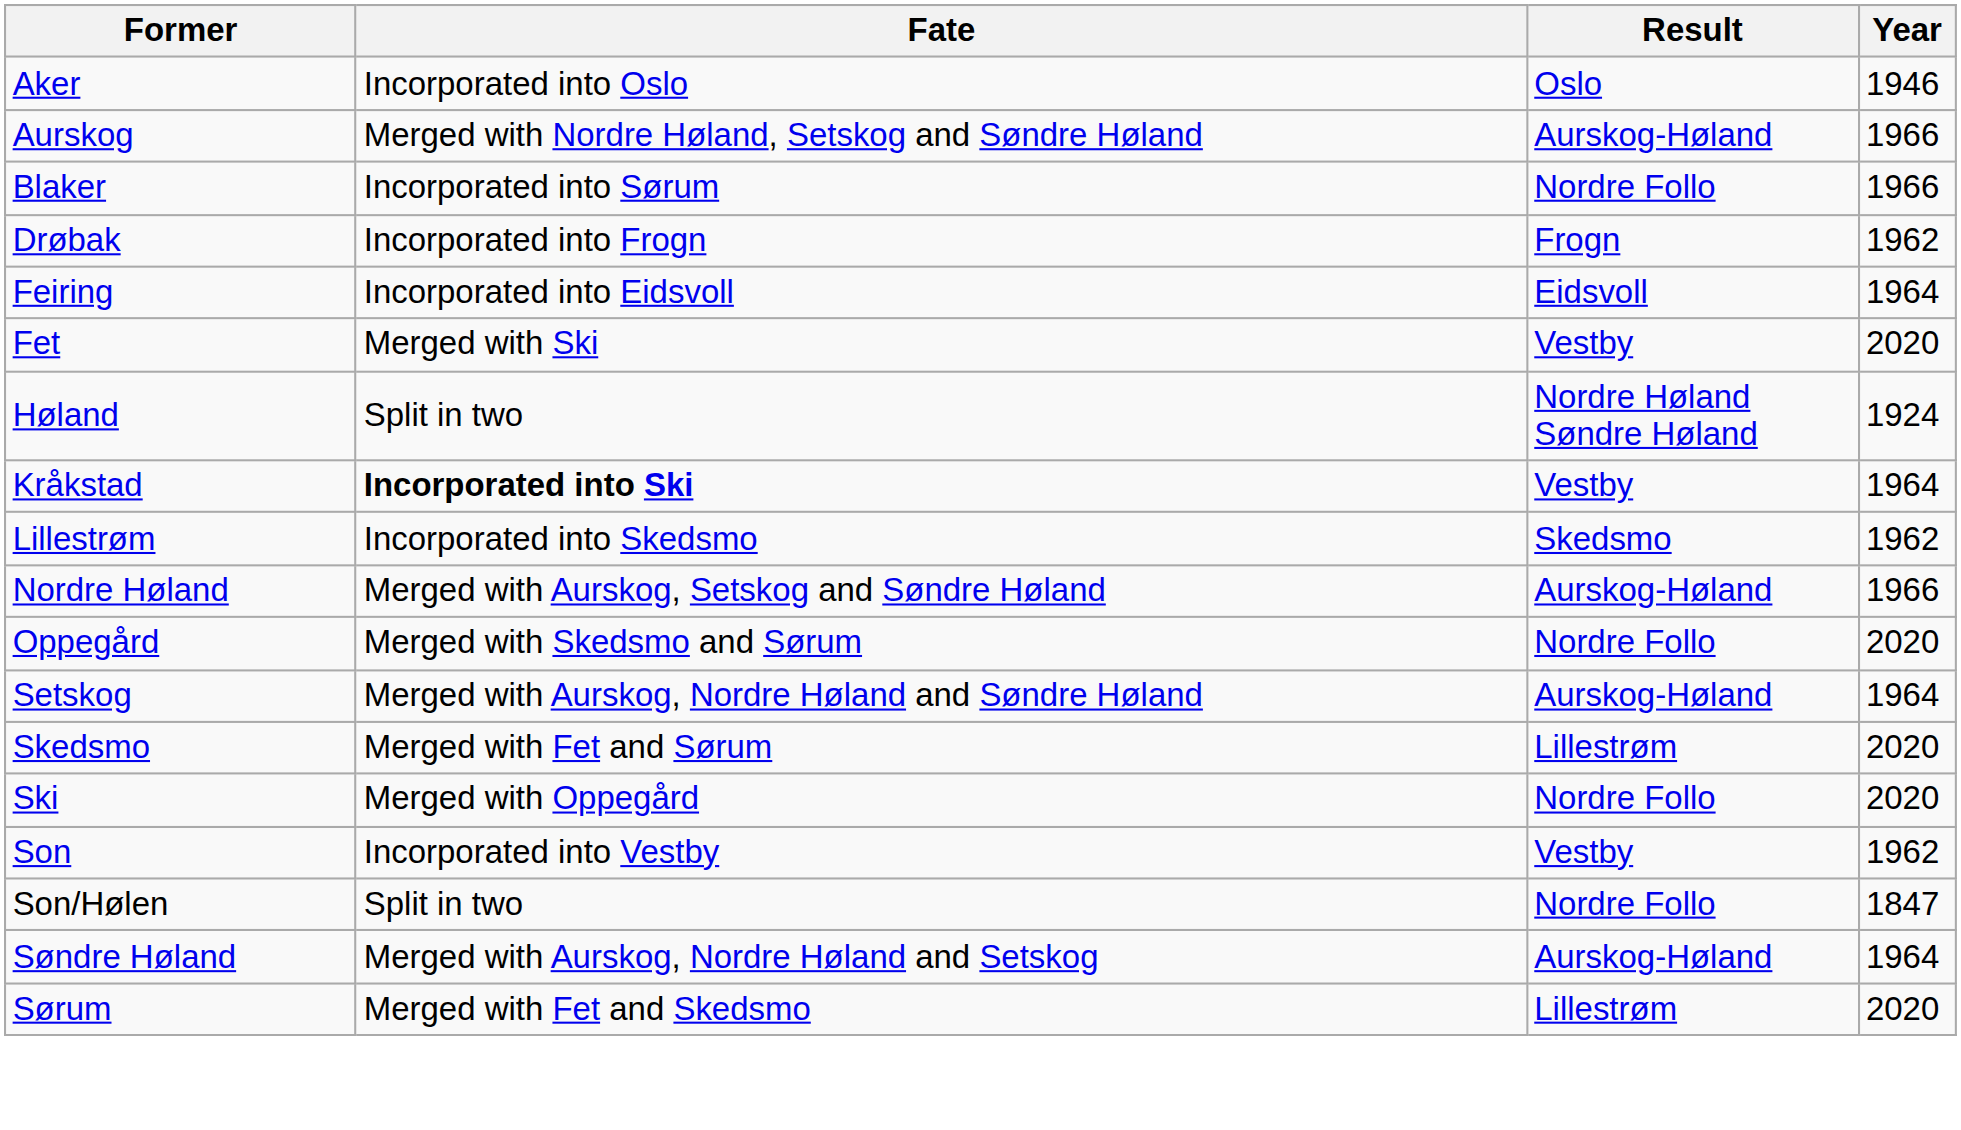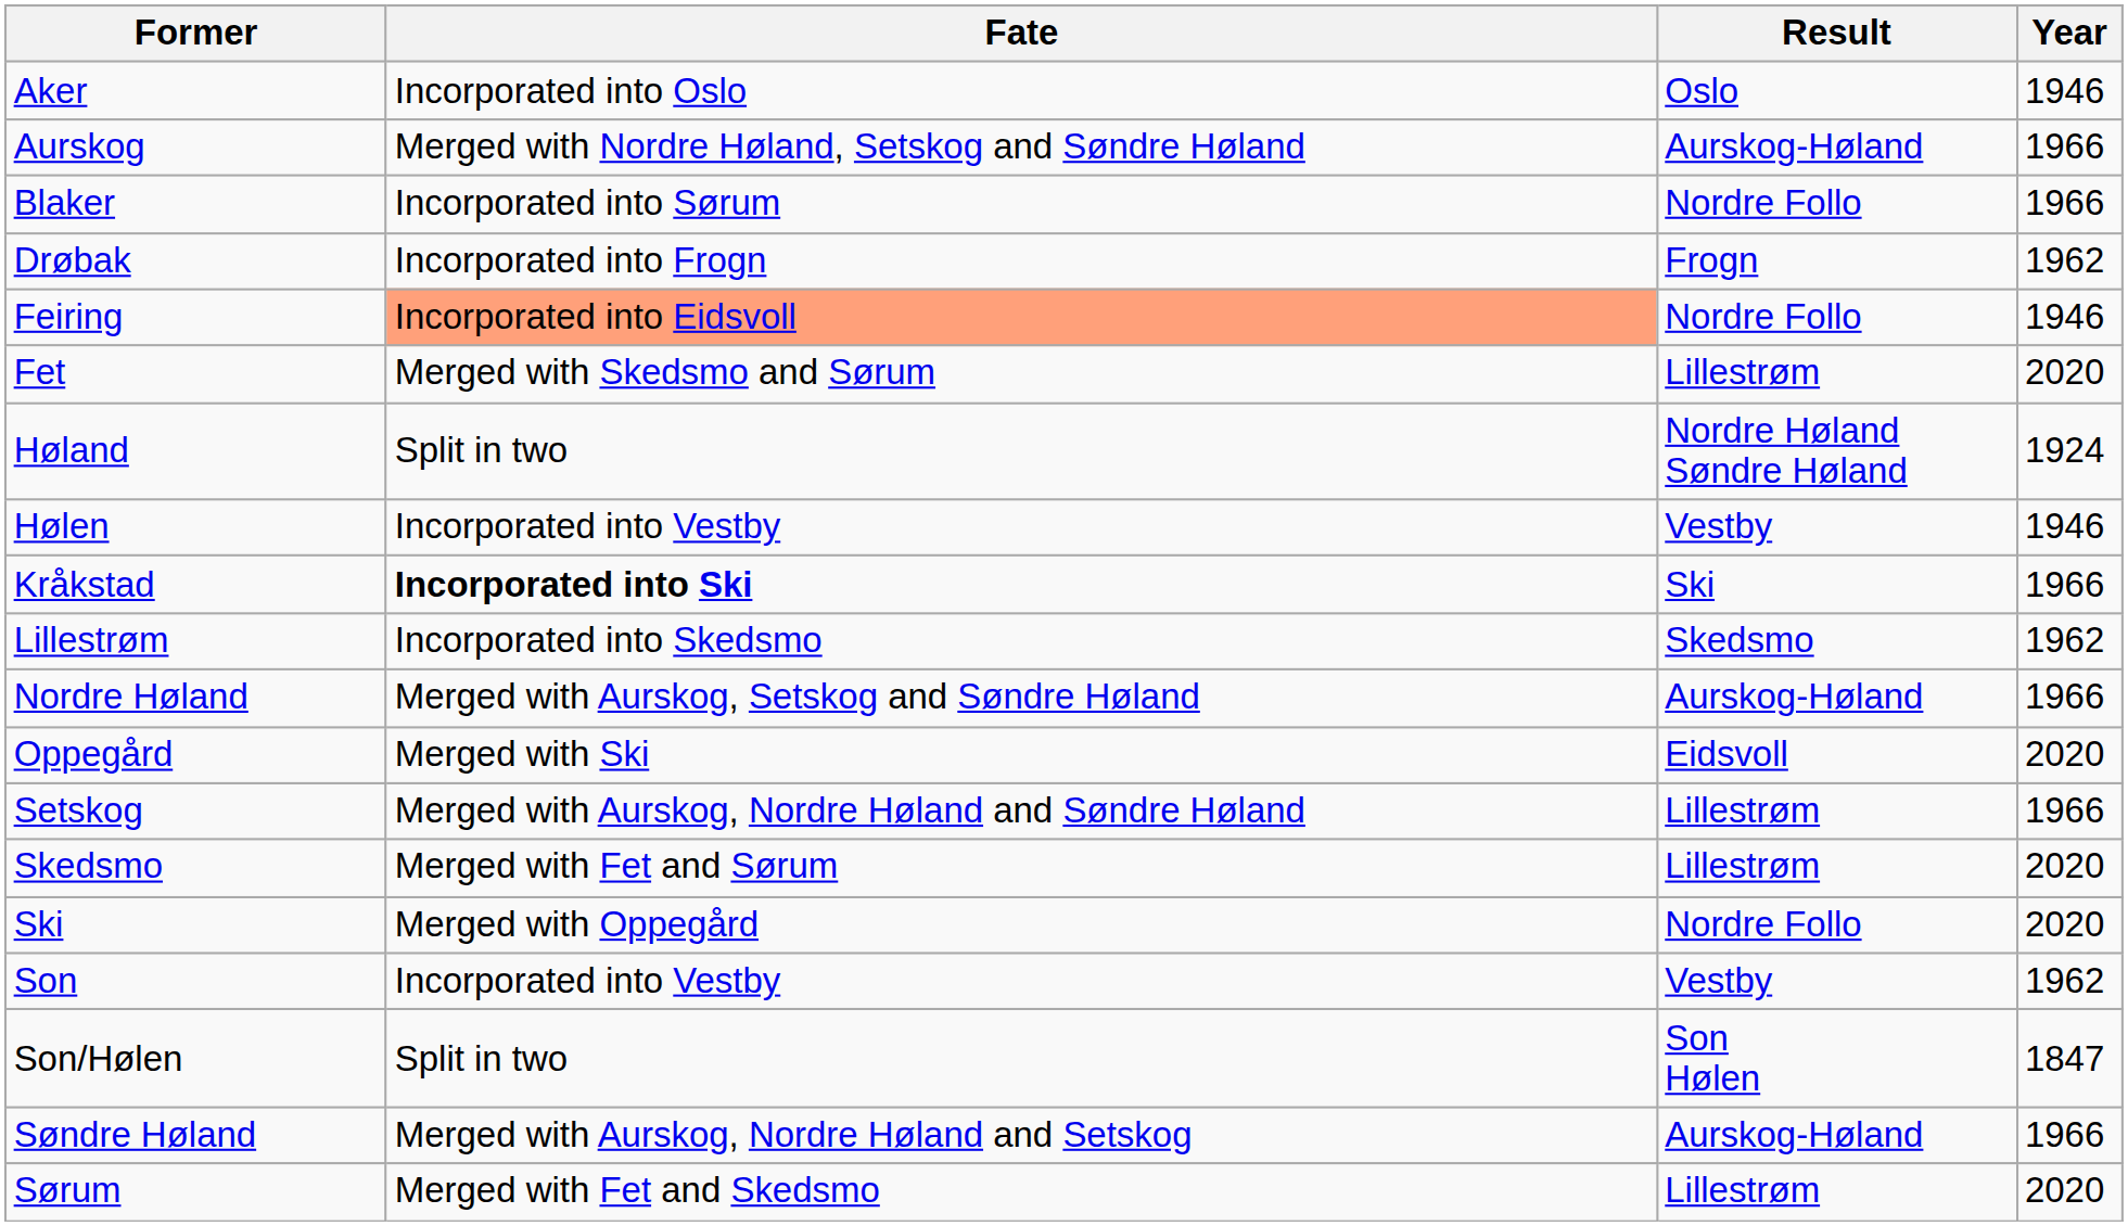 <table class="wikitable sortable" width="75%">
 <tr>
 <th width="18%">Former</th>
 <th width="60%" class="unsortable">Fate</th>
 <th width="17%">Result</th>
 <th width="5%">Year<br> </th>
 </tr>
 <tr>
 <td><a href='#'>Aker</a></td>
 <td>Incorporated into <a href='#'>Oslo</a></td>
 <td><a href='#'>Oslo</a></td>
 <td>1946</td>
 </tr>
 <tr>
 <td><a href='#'>Aurskog</a></td>
 <td>Merged with <a href='#'>Nordre Høland</a>, <a href='#'>Setskog</a> and <a href='#'>Søndre Høland</a></td>
 <td><a href='#'>Aurskog-Høland</a></td>
 <td>1966</td>
 </tr>
 <tr>
 <td><a href='#'>Blaker</a></td>
 <td>Incorporated into <a href='#'>Sørum</a></td>
 <td><a href='#'>Nordre Follo</a></td>
 <td>1966</td>
 </tr>
 <tr>
 <td><a href='#'>Drøbak</a></td>
 <td>Incorporated into <a href='#'>Frogn</a></td>
 <td><a href='#'>Frogn</a></td>
 <td>1962</td>
 </tr>
 <tr>
 <td><a href='#'>Feiring</a></td>
-<td>Incorporated into <a href='#'>Eidsvoll</a></td>
-<td><a href='#'>Eidsvoll</a></td>
-<td>1964</td>
+<td style="background: lightsalmon;">Incorporated into <a href='#'>Eidsvoll</a></td>
+<td><a href='#'>Nordre Follo</a></td>
+<td>1946</td>
 </tr>
 <tr>
 <td><a href='#'>Fet</a></td>
-<td>Merged with <a href='#'>Ski</a></td>
-<td><a href='#'>Vestby</a></td>
+<td>Merged with <a href='#'>Skedsmo</a> and <a href='#'>Sørum</a></td>
+<td><a href='#'>Lillestrøm</a></td>
 <td>2020</td>
 </tr>
 <tr>
 <td><a href='#'>Høland</a></td>
 <td>Split in two</td>
 <td><a href='#'>Nordre Høland</a><br><a href='#'>Søndre Høland</a></td>
 <td>1924</td>
 </tr>
 <tr>
+<td><a href='#'>Hølen</a></td>
+<td>Incorporated into <a href='#'>Vestby</a></td>
+<td><a href='#'>Vestby</a></td>
+<td>1946</td>
+</tr>
+<tr>
 <td><a href='#'>Kråkstad</a></td>
 <td><strong>Incorporated into <a href='#'>Ski</a></strong></td>
-<td><a href='#'>Vestby</a></td>
-<td>1964</td>
+<td><a href='#'>Ski</a></td>
+<td>1966</td>
 </tr>
 <tr>
 <td><a href='#'>Lillestrøm</a></td>
 <td>Incorporated into <a href='#'>Skedsmo</a></td>
 <td><a href='#'>Skedsmo</a></td>
 <td>1962</td>
 </tr>
 <tr>
 <td><a href='#'>Nordre Høland</a></td>
 <td>Merged with <a href='#'>Aurskog</a>, <a href='#'>Setskog</a> and <a href='#'>Søndre Høland</a></td>
 <td><a href='#'>Aurskog-Høland</a></td>
 <td>1966</td>
 </tr>
 <tr>
 <td><a href='#'>Oppegård</a></td>
-<td>Merged with <a href='#'>Skedsmo</a> and <a href='#'>Sørum</a></td>
-<td><a href='#'>Nordre Follo</a></td>
+<td>Merged with <a href='#'>Ski</a></td>
+<td><a href='#'>Eidsvoll</a></td>
 <td>2020</td>
 </tr>
 <tr>
 <td><a href='#'>Setskog</a></td>
 <td>Merged with <a href='#'>Aurskog</a>, <a href='#'>Nordre Høland</a> and <a href='#'>Søndre Høland</a></td>
-<td><a href='#'>Aurskog-Høland</a></td>
-<td>1964</td>
+<td><a href='#'>Lillestrøm</a></td>
+<td>1966</td>
 </tr>
 <tr>
 <td><a href='#'>Skedsmo</a></td>
 <td>Merged with <a href='#'>Fet</a> and <a href='#'>Sørum</a></td>
 <td><a href='#'>Lillestrøm</a></td>
 <td>2020</td>
 </tr>
 <tr>
 <td><a href='#'>Ski</a></td>
 <td>Merged with <a href='#'>Oppegård</a></td>
 <td><a href='#'>Nordre Follo</a></td>
 <td>2020</td>
 </tr>
 <tr>
 <td><a href='#'>Son</a></td>
 <td>Incorporated into <a href='#'>Vestby</a></td>
 <td><a href='#'>Vestby</a></td>
 <td>1962</td>
 </tr>
 <tr>
 <td>Son/Hølen</td>
 <td>Split in two</td>
-<td><a href='#'>Nordre Follo</a></td>
+<td><a href='#'>Son</a><br><a href='#'>Hølen</a></td>
 <td>1847</td>
 </tr>
 <tr>
 <td><a href='#'>Søndre Høland</a></td>
 <td>Merged with <a href='#'>Aurskog</a>, <a href='#'>Nordre Høland</a> and <a href='#'>Setskog</a></td>
 <td><a href='#'>Aurskog-Høland</a></td>
-<td>1964</td>
+<td>1966</td>
 </tr>
 <tr>
 <td><a href='#'>Sørum</a></td>
 <td>Merged with <a href='#'>Fet</a> and <a href='#'>Skedsmo</a></td>
 <td><a href='#'>Lillestrøm</a></td>
 <td>2020</td>
 </tr>
 </table>
